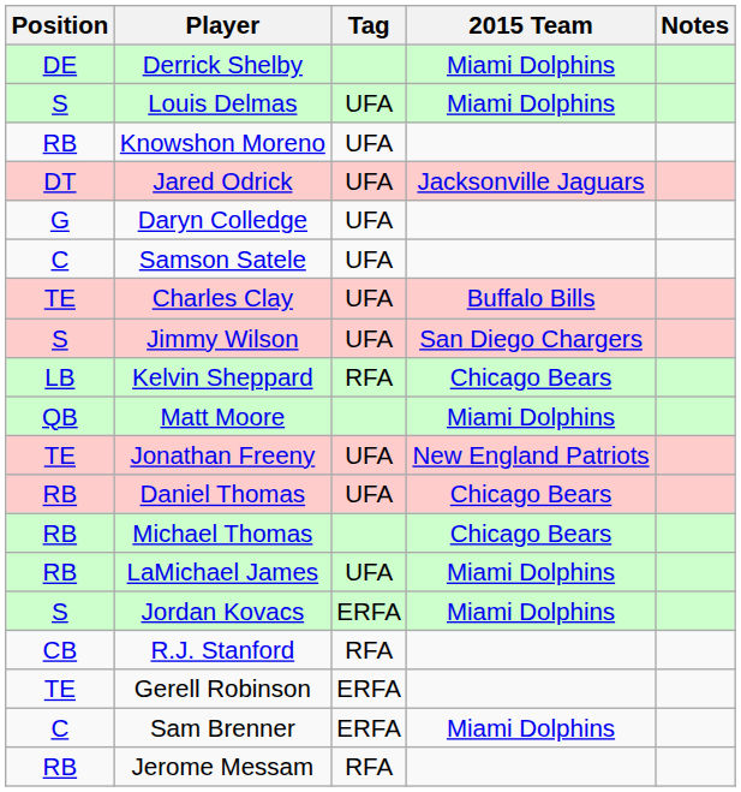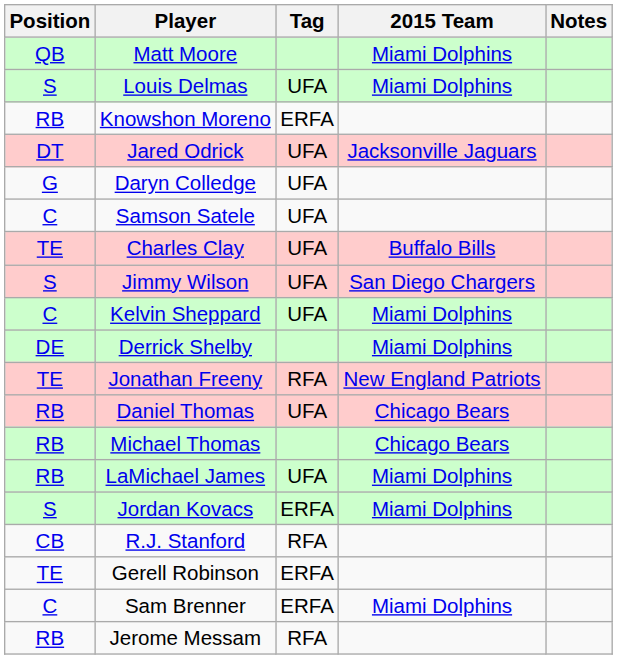 <table class="wikitable" style="font-size: 95%; text-align: center;">
 <tr>
 <th>Position</th>
 <th>Player</th>
 <th>Tag</th>
 <th>2015 Team</th>
 <th>Notes</th>
 </tr>
 <tr style="background:#cfc;">
-<td><a href='#'>DE</a></td>
-<td><a href='#'>Derrick Shelby</a></td>
+<td><a href='#'>QB</a></td>
+<td><a href='#'>Matt Moore</a></td>
 <td></td>
 <td><a href='#'>Miami Dolphins</a></td>
 <td></td>
 </tr>
 <tr style="background:#cfc;">
 <td><a href='#'>S</a></td>
 <td><a href='#'>Louis Delmas</a></td>
 <td>UFA</td>
 <td><a href='#'>Miami Dolphins</a></td>
 <td></td>
 </tr>
 <tr style="background:#">
 <td><a href='#'>RB</a></td>
 <td><a href='#'>Knowshon Moreno</a></td>
-<td>UFA</td>
+<td>ERFA</td>
 <td></td>
 <td></td>
 </tr>
 <tr style="background:#fcc;">
 <td><a href='#'>DT</a></td>
 <td><a href='#'>Jared Odrick</a></td>
 <td>UFA</td>
 <td><a href='#'>Jacksonville Jaguars</a></td>
 <td></td>
 </tr>
 <tr style="background:#">
 <td><a href='#'>G</a></td>
 <td><a href='#'>Daryn Colledge</a></td>
 <td>UFA</td>
 <td></td>
 <td></td>
 </tr>
 <tr style="background:#">
 <td><a href='#'>C</a></td>
 <td><a href='#'>Samson Satele</a></td>
 <td>UFA</td>
 <td></td>
 <td></td>
 </tr>
 <tr style="background:#fcc;">
 <td><a href='#'>TE</a></td>
 <td><a href='#'>Charles Clay</a></td>
 <td>UFA</td>
 <td><a href='#'>Buffalo Bills</a></td>
 <td></td>
 </tr>
 <tr style="background:#fcc;">
 <td><a href='#'>S</a></td>
 <td><a href='#'>Jimmy Wilson</a></td>
 <td>UFA</td>
 <td><a href='#'>San Diego Chargers</a></td>
 <td></td>
 </tr>
 <tr style="background:#cfc;">
-<td><a href='#'>LB</a></td>
+<td><a href='#'>C</a></td>
 <td><a href='#'>Kelvin Sheppard</a></td>
-<td>RFA</td>
-<td><a href='#'>Chicago Bears</a></td>
+<td>UFA</td>
+<td><a href='#'>Miami Dolphins</a></td>
 <td></td>
 </tr>
 <tr style="background:#cfc;">
-<td><a href='#'>QB</a></td>
-<td><a href='#'>Matt Moore</a></td>
+<td><a href='#'>DE</a></td>
+<td><a href='#'>Derrick Shelby</a></td>
 <td></td>
 <td><a href='#'>Miami Dolphins</a></td>
 <td></td>
 </tr>
 <tr style="background:#fcc;">
 <td><a href='#'>TE</a></td>
 <td><a href='#'>Jonathan Freeny</a></td>
-<td>UFA</td>
+<td>RFA</td>
 <td><a href='#'>New England Patriots</a></td>
 <td></td>
 </tr>
 <tr style="background:#fcc;">
 <td><a href='#'>RB</a></td>
 <td><a href='#'>Daniel Thomas</a></td>
 <td>UFA</td>
 <td><a href='#'>Chicago Bears</a></td>
 <td></td>
 </tr>
 <tr style="background:#cfc;">
 <td><a href='#'>RB</a></td>
 <td><a href='#'>Michael Thomas</a></td>
 <td></td>
 <td><a href='#'>Chicago Bears</a></td>
 <td></td>
 </tr>
 <tr style="background:#cfc;">
 <td><a href='#'>RB</a></td>
 <td><a href='#'>LaMichael James</a></td>
 <td>UFA</td>
 <td><a href='#'>Miami Dolphins</a></td>
 <td></td>
 </tr>
 <tr style="background:#cfc;">
 <td><a href='#'>S</a></td>
 <td><a href='#'>Jordan Kovacs</a></td>
 <td>ERFA</td>
 <td><a href='#'>Miami Dolphins</a></td>
 <td></td>
 </tr>
 <tr style="background:#">
 <td><a href='#'>CB</a></td>
 <td><a href='#'>R.J. Stanford</a></td>
 <td>RFA</td>
 <td></td>
 <td></td>
 </tr>
 <tr style="background:#">
 <td><a href='#'>TE</a></td>
 <td>Gerell Robinson</td>
 <td>ERFA</td>
 <td></td>
 <td></td>
 </tr>
 <tr style="background:#">
 <td><a href='#'>C</a></td>
 <td>Sam Brenner</td>
 <td>ERFA</td>
 <td><a href='#'>Miami Dolphins</a></td>
 <td></td>
 </tr>
 <tr style="background:#">
 <td><a href='#'>RB</a></td>
 <td>Jerome Messam</td>
 <td>RFA</td>
 <td></td>
 <td></td>
 </tr>
 </table>
